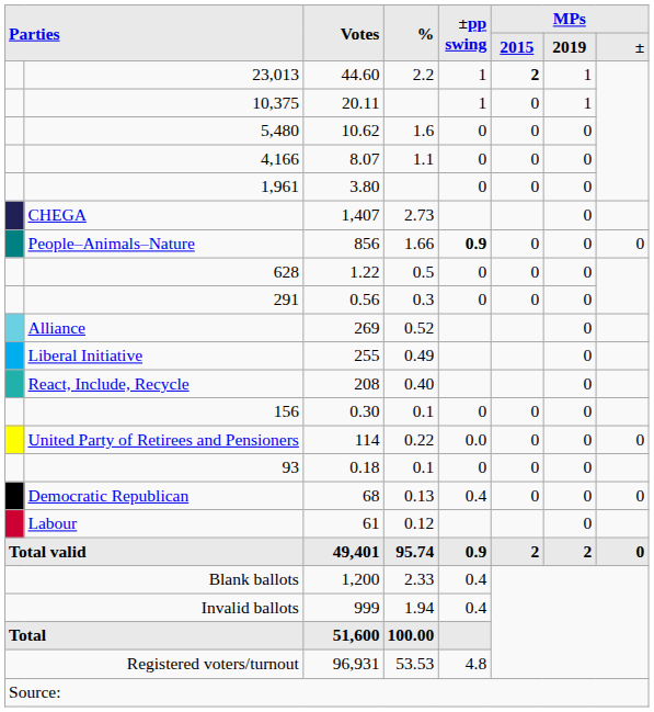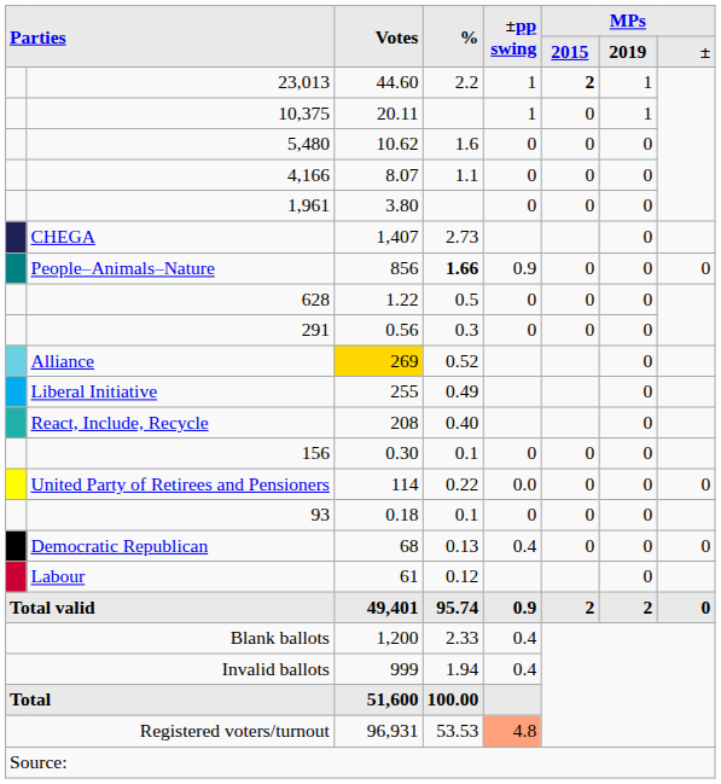 <table class="wikitable" style="text-align:right; font-size:95%;">
 <tr>
 <th rowspan="2" colspan="2" style="background:#e9e9e9; text-align:left;" alignleft><a href='#'>Parties</a></th>
 <th rowspan="2" style="background:#e9e9e9; text-align:right;">Votes</th>
 <th rowspan="2" style="background:#e9e9e9; text-align:right;">%</th>
 <th rowspan="2" style="background:#e9e9e9; text-align:right;">±<a href='#'>pp</a> <a href='#'>swing</a></th>
 <th colspan="3" style="background:#e9e9e9; text-align:center;"><a href='#'>MPs</a></th>
 </tr>
 <tr style="background-color:#E9E9E9">
 <th style="background-color:#E9E9E9;text-align:center;"><a href='#'>2015</a></th>
 <th style="background-color:#E9E9E9;text-align:center;">2019</th>
 <th style="background:#e9e9e9; text-align:right;">±</th>
 </tr>
 <tr>
 <td></td>
 <td>23,013</td>
 <td>44.60</td>
 <td>2.2</td>
 <td>1</td>
 <td><strong>2</strong></td>
 <td>1</td>
 </tr>
 <tr>
 <td></td>
 <td>10,375</td>
 <td>20.11</td>
 <td></td>
 <td>1</td>
 <td>0</td>
 <td>1</td>
 </tr>
 <tr>
 <td></td>
 <td>5,480</td>
 <td>10.62</td>
 <td>1.6</td>
 <td>0</td>
 <td>0</td>
 <td>0</td>
 </tr>
 <tr>
 <td></td>
 <td>4,166</td>
 <td>8.07</td>
 <td>1.1</td>
 <td>0</td>
 <td>0</td>
 <td>0</td>
 </tr>
 <tr>
 <td></td>
 <td>1,961</td>
 <td>3.80</td>
 <td></td>
 <td>0</td>
 <td>0</td>
 <td>0</td>
 </tr>
 <tr>
 <td style="width: 10px" bgcolor="#202056" align="center"></td>
 <td align="left"><a href='#'>CHEGA</a></td>
 <td>1,407</td>
 <td>2.73</td>
 <td></td>
 <td></td>
 <td>0</td>
 <td></td>
 </tr>
 <tr>
 <td style="width: 10px" bgcolor="teal" align="center"></td>
 <td align="left"><a href='#'>People–Animals–Nature</a></td>
 <td>856</td>
-<td>1.66</td>
-<td><strong>0.9</strong></td>
+<td><strong>1.66</strong></td>
+<td>0.9</td>
 <td>0</td>
 <td>0</td>
 <td>0</td>
 </tr>
 <tr>
 <td></td>
 <td>628</td>
 <td>1.22</td>
 <td>0.5</td>
 <td>0</td>
 <td>0</td>
 <td>0</td>
 </tr>
 <tr>
 <td></td>
 <td>291</td>
 <td>0.56</td>
 <td>0.3</td>
 <td>0</td>
 <td>0</td>
 <td>0</td>
 </tr>
 <tr>
 <td style="width: 10px" bgcolor="#6AD1E3" align="center"></td>
 <td align="left"><a href='#'>Alliance</a></td>
-<td>269</td>
+<td style="background: gold;">269</td>
 <td>0.52</td>
 <td></td>
 <td></td>
 <td>0</td>
 <td></td>
 </tr>
 <tr>
 <td style="width: 10px" bgcolor="#00ADEF" align="center"></td>
 <td align="left"><a href='#'>Liberal Initiative</a></td>
 <td>255</td>
 <td>0.49</td>
 <td></td>
 <td></td>
 <td>0</td>
 <td></td>
 </tr>
 <tr>
 <td style="width: 10px" bgcolor=LightSeaGreen align="center"></td>
 <td align=left><a href='#'>React, Include, Recycle</a></td>
 <td>208</td>
 <td>0.40</td>
 <td></td>
 <td></td>
 <td>0</td>
 <td></td>
 </tr>
 <tr>
 <td></td>
 <td>156</td>
 <td>0.30</td>
 <td>0.1</td>
 <td>0</td>
 <td>0</td>
 <td>0</td>
 </tr>
 <tr>
 <td style="width: 10px" bgcolor=yellow align="center"></td>
 <td align=left><a href='#'>United Party of Retirees and Pensioners</a></td>
 <td>114</td>
 <td>0.22</td>
 <td>0.0</td>
 <td>0</td>
 <td>0</td>
 <td>0</td>
 </tr>
 <tr>
 <td></td>
 <td>93</td>
 <td>0.18</td>
 <td>0.1</td>
 <td>0</td>
 <td>0</td>
 <td>0</td>
 </tr>
 <tr>
 <td style="width: 10px" bgcolor=black align="center"></td>
 <td align=left><a href='#'>Democratic Republican</a></td>
 <td>68</td>
 <td>0.13</td>
 <td>0.4</td>
 <td>0</td>
 <td>0</td>
 <td>0</td>
 </tr>
 <tr>
 <td style="width: 10px" bgcolor=#CC0033 align="center"></td>
 <td align=left><a href='#'>Labour</a></td>
 <td>61</td>
 <td>0.12</td>
 <td></td>
 <td></td>
 <td>0</td>
 <td></td>
 </tr>
 <tr>
 <td colspan=2 align=left style="background-color:#E9E9E9"><strong>Total valid</strong></td>
 <td width="65" align="right" style="background-color:#E9E9E9"><strong>49,401</strong></td>
 <td width="40" align="right" style="background-color:#E9E9E9"><strong>95.74</strong></td>
 <td width="40" align="right" style="background-color:#E9E9E9"><strong>0.9</strong></td>
 <td width="40" align="right" style="background-color:#E9E9E9"><strong>2</strong></td>
 <td width="40" align="right" style="background-color:#E9E9E9"><strong>2</strong></td>
 <td width="40" align="right" style="background-color:#E9E9E9"><strong>0</strong></td>
 </tr>
 <tr>
 <td colspan=2>Blank ballots</td>
 <td>1,200</td>
 <td>2.33</td>
 <td>0.4</td>
 <td colspan=4 rowspan=4></td>
 </tr>
 <tr>
 <td colspan=2>Invalid ballots</td>
 <td>999</td>
 <td>1.94</td>
 <td>0.4</td>
 </tr>
 <tr>
 <td colspan=2 width="259" align=left style="background-color:#E9E9E9"><strong>Total</strong></td>
 <td width="50" align="right" style="background-color:#E9E9E9"><strong>51,600</strong></td>
 <td width="40" align="right" style="background-color:#E9E9E9"><strong>100.00</strong></td>
 <td width="40" align="right" style="background-color:#E9E9E9"></td>
 </tr>
 <tr>
 <td colspan=2>Registered voters/turnout</td>
 <td>96,931</td>
 <td>53.53</td>
-<td>4.8</td>
+<td style="background: lightsalmon;">4.8</td>
 </tr>
 <tr>
 <td colspan=11 align=left>Source: </td>
 </tr>
 </table>
